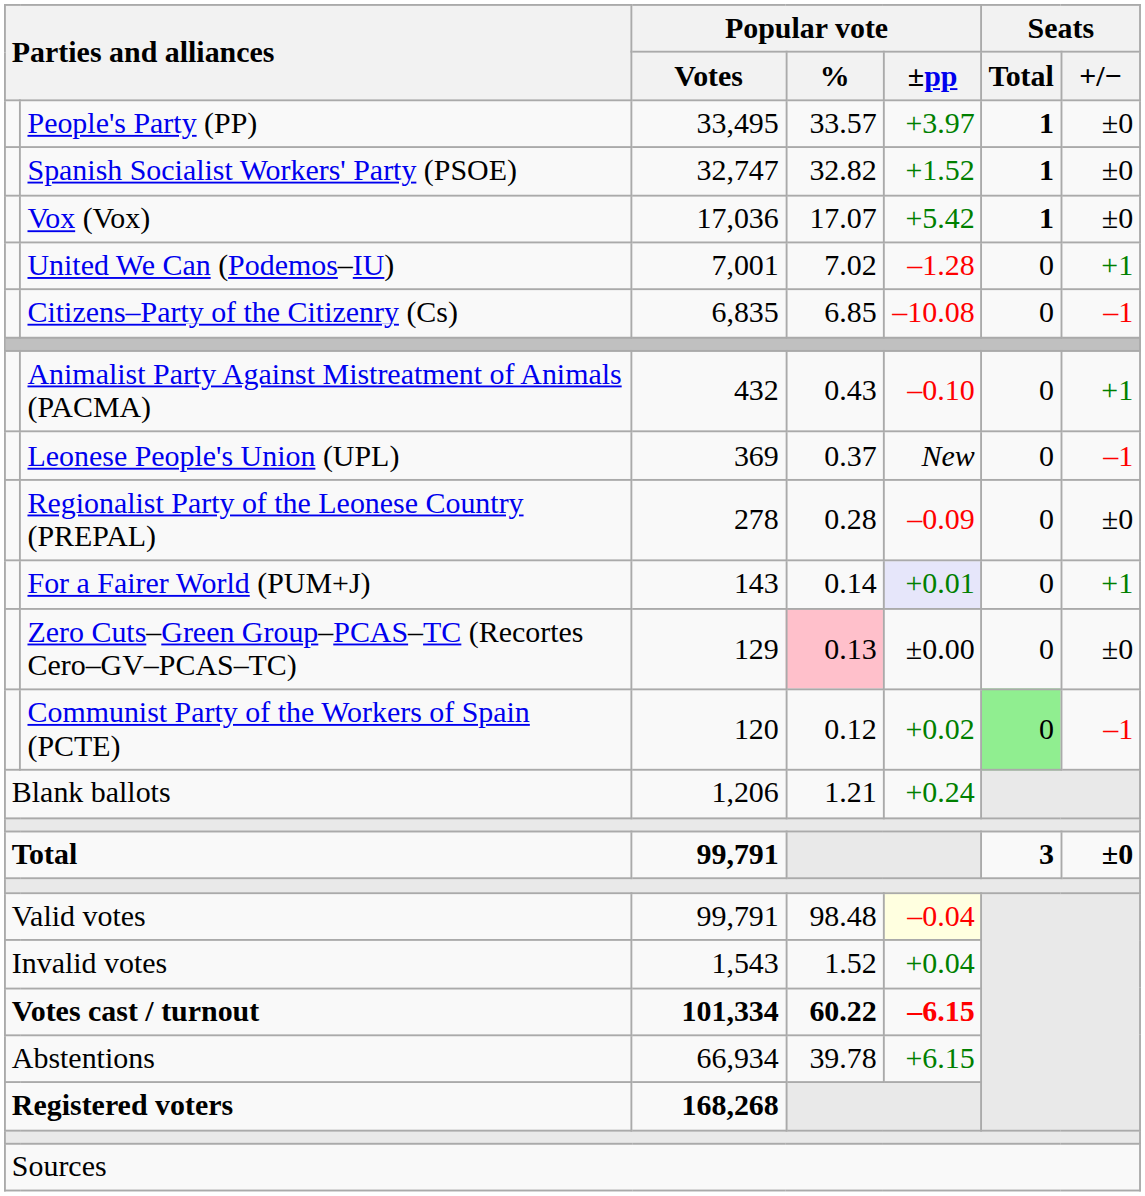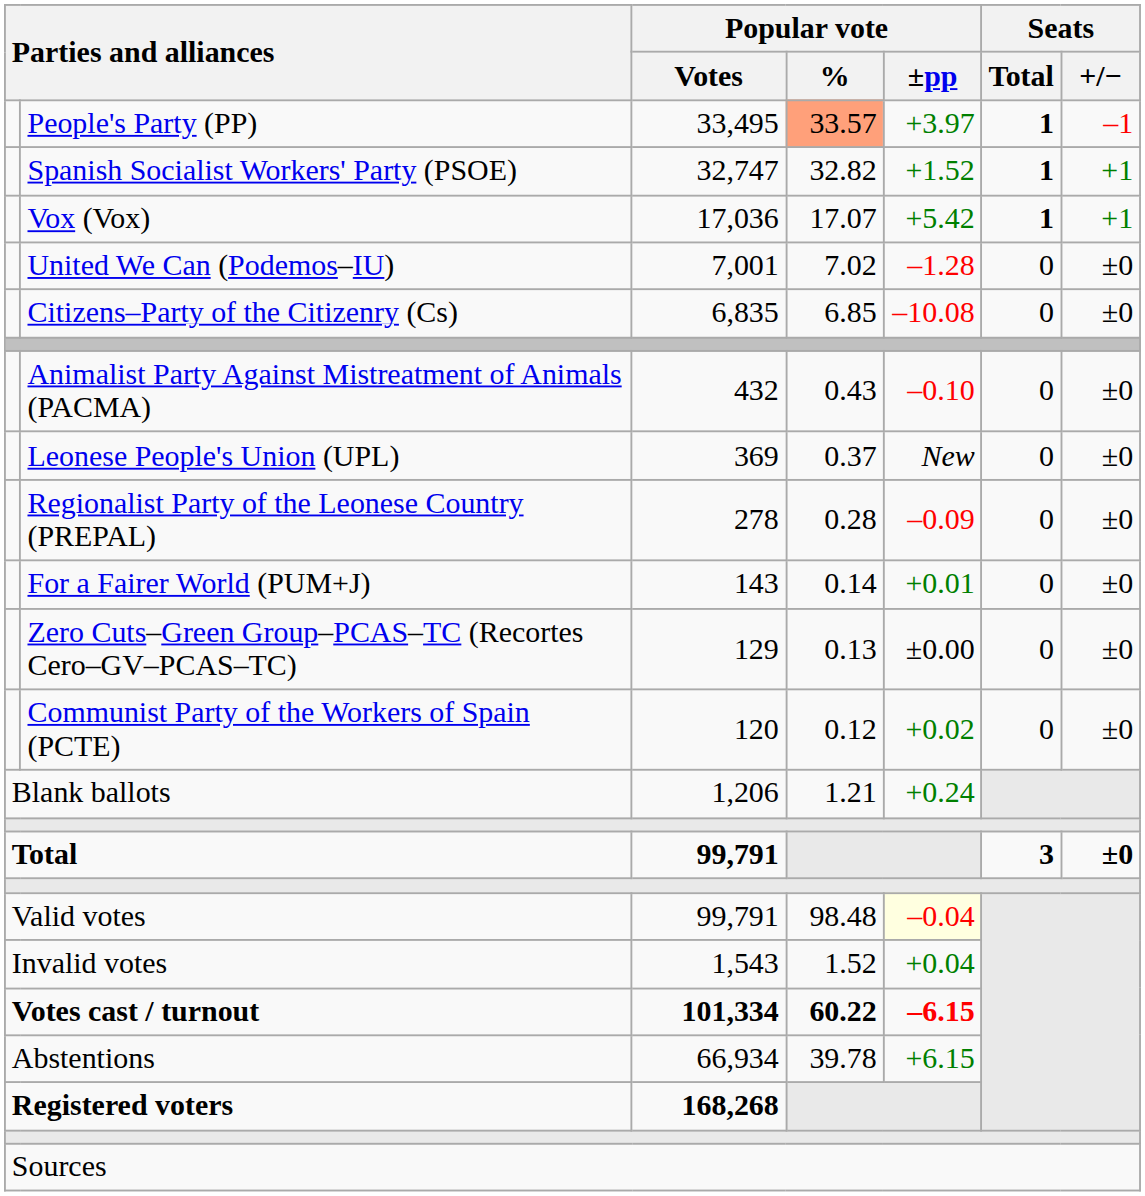 <table class="wikitable" style="text-align:right;">
 <tr>
 <th style="text-align:left;" rowspan="2" colspan="2" width="525">Parties and alliances</th>
 <th colspan="3">Popular vote</th>
 <th colspan="2">Seats</th>
 </tr>
 <tr>
 <th width="75">Votes</th>
 <th width="45">%</th>
 <th width="45">±<a href='#'>pp</a></th>
 <th width="35">Total</th>
 <th width="35">+/−</th>
 </tr>
 <tr>
 <td width="1" style="color:inherit;background:"></td>
 <td align="left"><a href='#'>People's Party</a> (PP)</td>
 <td>33,495</td>
-<td>33.57</td>
+<td style="background: lightsalmon;">33.57</td>
 <td style="color:green;">+3.97</td>
 <td><strong>1</strong></td>
-<td>±0</td>
+<td style="color:red;">–1</td>
 </tr>
 <tr>
 <td style="color:inherit;background:"></td>
 <td align="left"><a href='#'>Spanish Socialist Workers' Party</a> (PSOE)</td>
 <td>32,747</td>
 <td>32.82</td>
 <td style="color:green;">+1.52</td>
 <td><strong>1</strong></td>
-<td>±0</td>
+<td style="color:green;">+1</td>
 </tr>
 <tr>
 <td style="color:inherit;background:"></td>
 <td align="left"><a href='#'>Vox</a> (Vox)</td>
 <td>17,036</td>
 <td>17.07</td>
 <td style="color:green;">+5.42</td>
 <td><strong>1</strong></td>
-<td>±0</td>
+<td style="color:green;">+1</td>
 </tr>
 <tr>
 <td style="color:inherit;background:"></td>
 <td align="left"><a href='#'>United We Can</a> (<a href='#'>Podemos</a>–<a href='#'>IU</a>)</td>
 <td>7,001</td>
 <td>7.02</td>
 <td style="color:red;">–1.28</td>
 <td>0</td>
-<td style="color:green;">+1</td>
+<td>±0</td>
 </tr>
 <tr>
 <td style="color:inherit;background:"></td>
 <td align="left"><a href='#'>Citizens–Party of the Citizenry</a> (Cs)</td>
 <td>6,835</td>
 <td>6.85</td>
 <td style="color:red;">–10.08</td>
 <td>0</td>
-<td style="color:red;">–1</td>
+<td>±0</td>
 </tr>
 <tr>
 <td colspan="7" bgcolor="#C0C0C0"></td>
 </tr>
 <tr>
 <td style="color:inherit;background:"></td>
 <td align="left"><a href='#'>Animalist Party Against Mistreatment of Animals</a> (PACMA)</td>
 <td>432</td>
 <td>0.43</td>
 <td style="color:red;">–0.10</td>
 <td>0</td>
-<td style="color:green;">+1</td>
+<td>±0</td>
 </tr>
 <tr>
 <td style="color:inherit;background:"></td>
 <td align="left"><a href='#'>Leonese People's Union</a> (UPL)</td>
 <td>369</td>
 <td>0.37</td>
 <td><em>New</em></td>
 <td>0</td>
-<td style="color:red;">–1</td>
+<td>±0</td>
 </tr>
 <tr>
 <td style="color:inherit;background:"></td>
 <td align="left"><a href='#'>Regionalist Party of the Leonese Country</a> (PREPAL)</td>
 <td>278</td>
 <td>0.28</td>
 <td style="color:red;">–0.09</td>
 <td>0</td>
 <td>±0</td>
 </tr>
 <tr>
 <td style="color:inherit;background:"></td>
 <td align="left"><a href='#'>For a Fairer World</a> (PUM+J)</td>
 <td>143</td>
 <td>0.14</td>
-<td style="background: lavender; color:green;">+0.01</td>
+<td style="color:green;">+0.01</td>
 <td>0</td>
-<td style="color:green;">+1</td>
+<td>±0</td>
 </tr>
 <tr>
 <td style="color:inherit;background:"></td>
 <td align="left"><a href='#'>Zero Cuts</a>–<a href='#'>Green Group</a>–<a href='#'>PCAS</a>–<a href='#'>TC</a> (Recortes Cero–GV–PCAS–TC)</td>
 <td>129</td>
-<td style="background: pink;">0.13</td>
+<td>0.13</td>
 <td>±0.00</td>
 <td>0</td>
 <td>±0</td>
 </tr>
 <tr>
 <td style="color:inherit;background:"></td>
 <td align="left"><a href='#'>Communist Party of the Workers of Spain</a> (PCTE)</td>
 <td>120</td>
 <td>0.12</td>
 <td style="color:green;">+0.02</td>
-<td style="background: lightgreen;">0</td>
-<td style="color:red;">–1</td>
+<td>0</td>
+<td>±0</td>
 </tr>
 <tr>
 <td align="left" colspan="2">Blank ballots</td>
 <td>1,206</td>
 <td>1.21</td>
 <td style="color:green;">+0.24</td>
 <td bgcolor="#E9E9E9" colspan="2"></td>
 </tr>
 <tr>
 <td colspan="7" bgcolor="#E9E9E9"></td>
 </tr>
 <tr style="font-weight:bold;">
 <td align="left" colspan="2">Total</td>
 <td>99,791</td>
 <td bgcolor="#E9E9E9" colspan="2"></td>
 <td>3</td>
 <td>±0</td>
 </tr>
 <tr>
 <td colspan="7" bgcolor="#E9E9E9"></td>
 </tr>
 <tr>
 <td align="left" colspan="2">Valid votes</td>
 <td>99,791</td>
 <td>98.48</td>
 <td style="background: lightyellow; color:red;">–0.04</td>
 <td bgcolor="#E9E9E9" colspan="2" rowspan="5"></td>
 </tr>
 <tr>
 <td align="left" colspan="2">Invalid votes</td>
 <td>1,543</td>
 <td>1.52</td>
 <td style="color:green;">+0.04</td>
 </tr>
 <tr style="font-weight:bold;">
 <td align="left" colspan="2">Votes cast / turnout</td>
 <td>101,334</td>
 <td>60.22</td>
 <td style="color:red;">–6.15</td>
 </tr>
 <tr>
 <td align="left" colspan="2">Abstentions</td>
 <td>66,934</td>
 <td>39.78</td>
 <td style="color:green;">+6.15</td>
 </tr>
 <tr style="font-weight:bold;">
 <td align="left" colspan="2">Registered voters</td>
 <td>168,268</td>
 <td bgcolor="#E9E9E9" colspan="2"></td>
 </tr>
 <tr>
 <td colspan="7" bgcolor="#E9E9E9"></td>
 </tr>
 <tr>
 <td align="left" colspan="7">Sources</td>
 </tr>
 </table>
